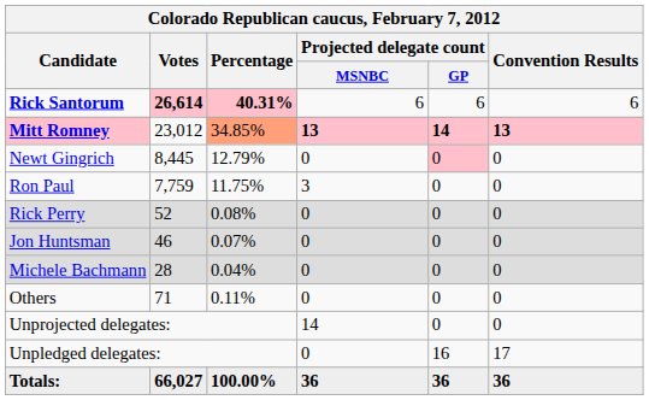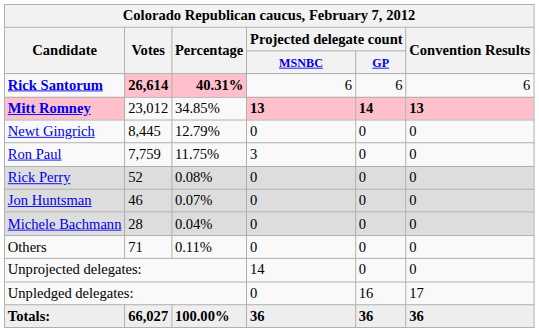 <table class="wikitable">
 <tr>
 <th colspan="9">Colorado Republican caucus, February 7, 2012</th>
 </tr>
 <tr bgcolor="#eeeeee">
 <th rowspan="2">Candidate</th>
 <th rowspan="2">Votes</th>
 <th rowspan="2">Percentage</th>
 <th colspan="2">Projected delegate count</th>
 <th rowspan="2">Convention Results </th>
 </tr>
 <tr bgcolor="#eeeeee">
 <th><small><a href='#'>MSNBC</a></small><br></th>
 <th><small><a href='#'>GP</a></small><br></th>
 </tr>
 <tr align="right">
 <td align="left"><strong><a href='#'>Rick Santorum</a></strong></td>
 <td bgcolor="pink"><strong>26,614</strong></td>
 <td bgcolor="pink"><strong>40.31%</strong></td>
 <td>6</td>
 <td>6</td>
 <td>6</td>
 </tr>
 <tr>
 <td bgcolor="pink"><strong><a href='#'>Mitt Romney</a></strong></td>
 <td>23,012</td>
-<td style="background: lightsalmon;">34.85%</td>
+<td>34.85%</td>
 <td bgcolor="pink"><strong>13</strong></td>
 <td bgcolor="pink"><strong>14</strong></td>
 <td bgcolor="pink"><strong>13</strong></td>
 </tr>
 <tr>
 <td><a href='#'>Newt Gingrich</a></td>
 <td>8,445</td>
 <td>12.79%</td>
 <td>0</td>
-<td style="background: pink;">0</td>
+<td>0</td>
 <td>0</td>
 </tr>
 <tr>
 <td><a href='#'>Ron Paul</a></td>
 <td>7,759</td>
 <td>11.75%</td>
 <td>3</td>
 <td>0</td>
 <td>0</td>
 </tr>
 <tr bgcolor="#DDDDDD">
 <td><a href='#'>Rick Perry</a></td>
 <td>52</td>
 <td>0.08%</td>
 <td>0</td>
 <td>0</td>
 <td>0</td>
 </tr>
 <tr bgcolor="#DDDDDD">
 <td><a href='#'>Jon Huntsman</a></td>
 <td>46</td>
 <td>0.07%</td>
 <td>0</td>
 <td>0</td>
 <td>0</td>
 </tr>
 <tr bgcolor="#DDDDDD">
 <td><a href='#'>Michele Bachmann</a></td>
 <td>28</td>
 <td>0.04%</td>
 <td>0</td>
 <td>0</td>
 <td>0</td>
 </tr>
 <tr>
 <td>Others</td>
 <td>71</td>
 <td>0.11%</td>
 <td>0</td>
 <td>0</td>
 <td>0</td>
 </tr>
 <tr>
 <td colspan="3">Unprojected delegates:</td>
 <td>14</td>
 <td>0</td>
 <td>0</td>
 </tr>
 <tr>
 <td colspan="3">Unpledged delegates:</td>
 <td>0</td>
 <td>16</td>
 <td>17</td>
 </tr>
 <tr bgcolor="#EEEEEE">
 <td><strong>Totals:</strong></td>
 <td><strong>66,027</strong></td>
 <td><strong>100.00%</strong></td>
 <td><strong>36</strong></td>
 <td><strong>36</strong></td>
 <td><strong>36</strong></td>
 </tr>
 </table>
